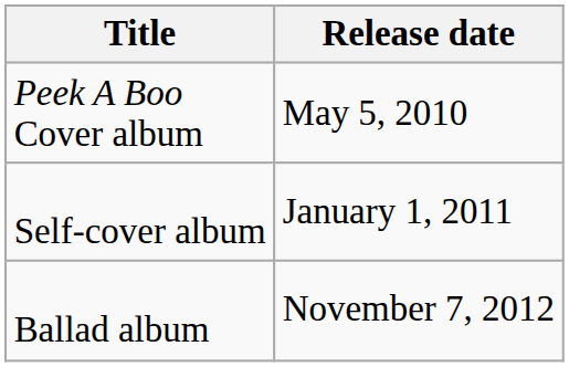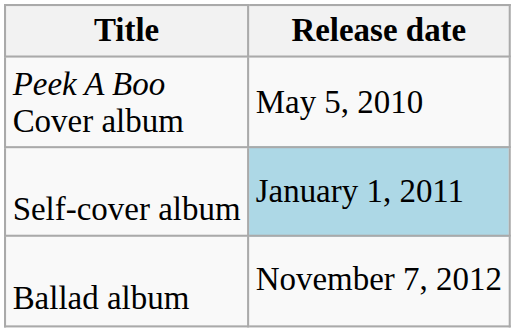 <table class="wikitable">
 <tr>
 <th>Title</th>
 <th>Release date</th>
 </tr>
 <tr>
 <td><em>Peek A Boo</em><br>Cover album</td>
 <td>May 5, 2010</td>
 </tr>
 <tr>
 <td><br>Self-cover album</td>
-<td>January 1, 2011</td>
+<td style="background: lightblue;">January 1, 2011</td>
 </tr>
 <tr>
 <td><br>Ballad album</td>
 <td>November 7, 2012</td>
 </tr>
 </table>
